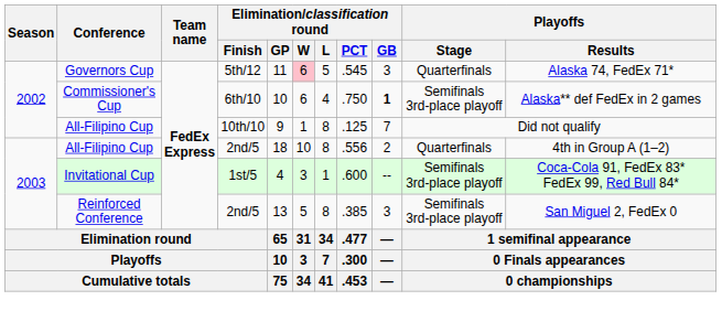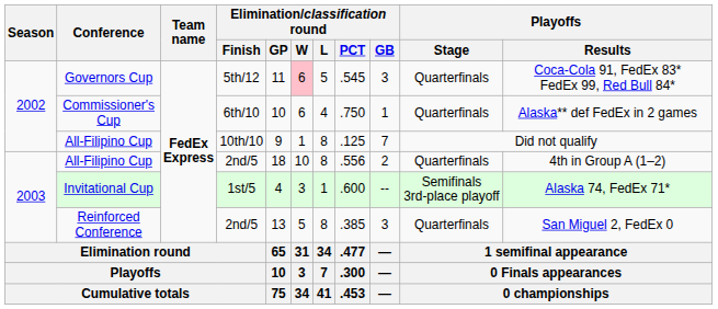 <table class=wikitable style="text-align:center;">
 <tr>
 <th width=50px rowspan=2>Season</th>
 <th width=120px rowspan=2>Conference</th>
 <th width=60px rowspan=2>Team name</th>
 <th colspan=6>Elimination/<em>classification</em> round</th>
 <th colspan=2>Playoffs</th>
 </tr>
 <tr>
 <th width=50px>Finish</th>
 <th width=20px>GP</th>
 <th width=20px>W</th>
 <th width=20px>L</th>
 <th width=35px><a href='#'>PCT</a></th>
 <th width=30px><a href='#'>GB</a></th>
 <th width=120px>Stage</th>
 <th width=250px>Results</th>
 </tr>
 <tr>
 <td rowspan=3><a href='#'>2002</a></td>
 <td><a href='#'>Governors Cup</a></td>
 <td rowspan=6><strong>FedEx Express</strong></td>
 <td>5th/12</td>
 <td>11</td>
 <td style="background: pink;">6</td>
 <td>5</td>
 <td>.545</td>
 <td>3</td>
 <td>Quarterfinals</td>
-<td><a href='#'>Alaska</a> 74, FedEx 71*</td>
+<td><a href='#'>Coca-Cola</a> 91, FedEx 83*<br>FedEx 99, <a href='#'>Red Bull</a> 84*</td>
 </tr>
 <tr>
 <td><a href='#'>Commissioner's Cup</a></td>
 <td>6th/10</td>
 <td>10</td>
 <td>6</td>
 <td>4</td>
 <td>.750</td>
-<td><strong>1</strong></td>
-<td>Semifinals<br>3rd-place playoff</td>
+<td>1</td>
+<td>Quarterfinals</td>
 <td><a href='#'>Alaska</a>** def FedEx in 2 games</td>
 </tr>
 <tr>
 <td><a href='#'>All-Filipino Cup</a></td>
 <td>10th/10</td>
 <td>9</td>
 <td>1</td>
 <td>8</td>
 <td>.125</td>
 <td>7</td>
 <td colspan=2>Did not qualify</td>
 </tr>
 <tr>
 <td rowspan=3><a href='#'>2003</a></td>
 <td><a href='#'>All-Filipino Cup</a></td>
 <td>2nd/5</td>
 <td>18</td>
 <td>10</td>
 <td>8</td>
 <td>.556</td>
 <td>2</td>
 <td>Quarterfinals</td>
 <td>4th in Group A (1–2)</td>
 </tr>
 <tr bgcolor=#DDFFDD>
 <td><a href='#'>Invitational Cup</a></td>
 <td>1st/5</td>
 <td>4</td>
 <td>3</td>
 <td>1</td>
 <td>.600</td>
 <td>--</td>
 <td>Semifinals<br>3rd-place playoff</td>
-<td><a href='#'>Coca-Cola</a> 91, FedEx 83*<br>FedEx 99, <a href='#'>Red Bull</a> 84*</td>
+<td><a href='#'>Alaska</a> 74, FedEx 71*</td>
 </tr>
 <tr>
 <td><a href='#'>Reinforced Conference</a></td>
 <td>2nd/5</td>
 <td>13</td>
 <td>5</td>
 <td>8</td>
 <td>.385</td>
 <td>3</td>
-<td>Semifinals<br>3rd-place playoff</td>
+<td>Quarterfinals</td>
 <td><a href='#'>San Miguel</a> 2, FedEx 0</td>
 </tr>
 <tr>
 <th colspan=4>Elimination round</th>
 <th>65</th>
 <th>31</th>
 <th>34</th>
 <th>.477</th>
 <th>—</th>
 <th colspan=2>1 semifinal appearance</th>
 </tr>
 <tr>
 <th colspan=4>Playoffs</th>
 <th>10</th>
 <th>3</th>
 <th>7</th>
 <th>.300</th>
 <th>—</th>
 <th colspan=2>0 Finals appearances</th>
 </tr>
 <tr>
 <th colspan=4>Cumulative totals</th>
 <th>75</th>
 <th>34</th>
 <th>41</th>
 <th>.453</th>
 <th>—</th>
 <th colspan=2>0 championships</th>
 </tr>
 </table>
